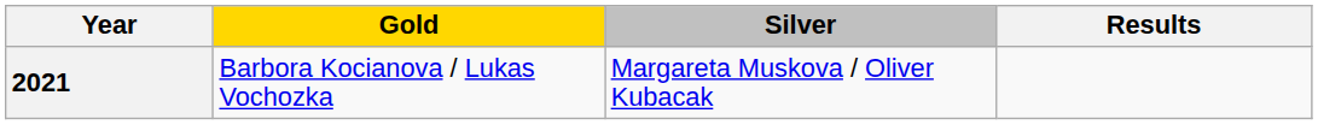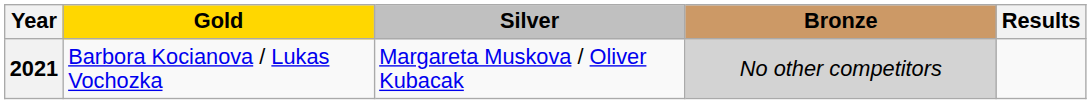 <table class="wikitable unsortable" style="text-align:left; width:90%;">
 <tr>
 <th scope="col" style="text-align:center;">Year</th>
 <td scope="col" style="text-align:center; width:30%; background:gold"><strong>Gold</strong></td>
 <td scope="col" style="text-align:center; width:30%; background:silver"><strong>Silver</strong></td>
+<td scope="col" style="text-align:center; width:30%; background:#c96"><strong>Bronze</strong></td>
 <th scope="col" style="text-align:center;">Results</th>
 </tr>
 <tr>
 <th scope="row" style="text-align:left">2021</th>
 <td> <a href='#'>Barbora Kocianova</a> / <a href='#'>Lukas Vochozka</a></td>
 <td> <a href='#'>Margareta Muskova</a> / <a href='#'>Oliver Kubacak</a></td>
+<td align="center" bgcolor="lightgray"><em>No other competitors</em></td>
 <td></td>
 </tr>
 </table>
